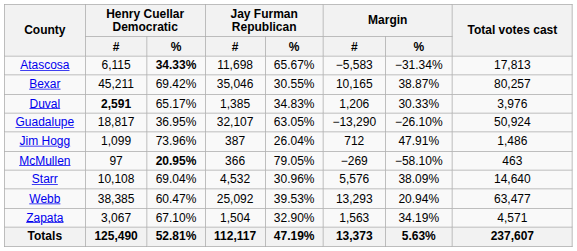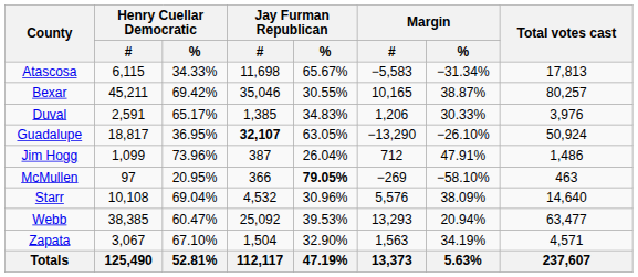 <table width="60%"  class="wikitable sortable" style="text-align:center">
 <tr>
 <th rowspan="2">County</th>
 <th style="text-align:center;" colspan="2">Henry Cuellar<br>Democratic</th>
 <th style="text-align:center;" colspan="2">Jay Furman<br>Republican</th>
 <th style="text-align:center;" colspan="2">Margin</th>
 <th rowspan="2" style="text-align:center;">Total votes cast</th>
 </tr>
 <tr>
 <th style="text-align:center;" data-sort-type="number">#</th>
 <th style="text-align:center;" data-sort-type="number">%</th>
 <th style="text-align:center;" data-sort-type="number">#</th>
 <th style="text-align:center;" data-sort-type="number">%</th>
 <th style="text-align:center;" data-sort-type="number">#</th>
 <th style="text-align:center;" data-sort-type="number">%</th>
 </tr>
 <tr style="text-align:center;">
 <td style="background-color:"><a href='#'>Atascosa</a></td>
 <td style="color:black;background-color:">6,115</td>
-<td style="color:black;background-color:"><strong>34.33%</strong></td>
+<td style="color:black;background-color:">34.33%</td>
 <td style="background-color:">11,698</td>
 <td style="background-color:">65.67%</td>
 <td style="background-color:">−5,583</td>
 <td style="background-color:">−31.34%</td>
 <td style="background-color:">17,813</td>
 </tr>
 <tr style="text-align:center;">
 <td style="color:black;background-color:"><a href='#'>Bexar</a></td>
 <td style="color:black;background-color:">45,211</td>
 <td style="color:black;background-color:">69.42%</td>
 <td style="background-color:">35,046</td>
 <td style="background-color:">30.55%</td>
 <td style="color:black;background-color:">10,165</td>
 <td style="color:black;background-color:">38.87%</td>
 <td style="color:black;background-color:">80,257</td>
 </tr>
 <tr style="text-align:center;">
 <td style="color:black;background-color:"><a href='#'>Duval</a></td>
-<td style="color:black;background-color:"><strong>2,591</strong></td>
+<td style="color:black;background-color:">2,591</td>
 <td style="color:black;background-color:">65.17%</td>
 <td style="background-color:">1,385</td>
 <td style="background-color:">34.83%</td>
 <td style="color:black;background-color:">1,206</td>
 <td style="color:black;background-color:">30.33%</td>
 <td style="color:black;background-color:">3,976</td>
 </tr>
 <tr style="text-align:center;">
 <td style="background-color:"><a href='#'>Guadalupe</a></td>
 <td style="color:black;background-color:">18,817</td>
 <td style="color:black;background-color:">36.95%</td>
-<td style="background-color:">32,107</td>
+<td style="background-color:"><strong>32,107</strong></td>
 <td style="background-color:">63.05%</td>
 <td style="background-color:">−13,290</td>
 <td style="background-color:">−26.10%</td>
 <td style="background-color:">50,924</td>
 </tr>
 <tr style="text-align:center;">
 <td style="color:black;background-color:"><a href='#'>Jim Hogg</a></td>
 <td style="color:black;background-color:">1,099</td>
 <td style="color:black;background-color:">73.96%</td>
 <td style="background-color:">387</td>
 <td style="background-color:">26.04%</td>
 <td style="color:black;background-color:">712</td>
 <td style="color:black;background-color:">47.91%</td>
 <td style="color:black;background-color:">1,486</td>
 </tr>
 <tr style="text-align:center;">
 <td style="background-color:"><a href='#'>McMullen</a></td>
 <td style="color:black;background-color:">97</td>
-<td style="color:black;background-color:"><strong>20.95%</strong></td>
+<td style="color:black;background-color:">20.95%</td>
 <td style="background-color:">366</td>
-<td style="background-color:">79.05%</td>
+<td style="background-color:"><strong>79.05%</strong></td>
 <td style="background-color:">−269</td>
 <td style="background-color:">−58.10%</td>
 <td style="background-color:">463</td>
 </tr>
 <tr style="text-align:center;">
 <td style="color:black;background-color:"><a href='#'>Starr</a></td>
 <td style="color:black;background-color:">10,108</td>
 <td style="color:black;background-color:">69.04%</td>
 <td style="background-color:">4,532</td>
 <td style="background-color:">30.96%</td>
 <td style="color:black;background-color:">5,576</td>
 <td style="color:black;background-color:">38.09%</td>
 <td style="color:black;background-color:">14,640</td>
 </tr>
 <tr style="text-align:center;">
 <td style="color:black;background-color:"><a href='#'>Webb</a></td>
 <td style="color:black;background-color:">38,385</td>
 <td style="color:black;background-color:">60.47%</td>
 <td style="background-color:">25,092</td>
 <td style="background-color:">39.53%</td>
 <td style="color:black;background-color:">13,293</td>
 <td style="color:black;background-color:">20.94%</td>
 <td style="color:black;background-color:">63,477</td>
 </tr>
 <tr style="text-align:center;">
 <td style="color:black;background-color:"><a href='#'>Zapata</a></td>
 <td style="color:black;background-color:">3,067</td>
 <td style="color:black;background-color:">67.10%</td>
 <td style="background-color:">1,504</td>
 <td style="background-color:">32.90%</td>
 <td style="color:black;background-color:">1,563</td>
 <td style="color:black;background-color:">34.19%</td>
 <td style="color:black;background-color:">4,571</td>
 </tr>
 <tr style="text-align:center;">
 <th>Totals</th>
 <th>125,490</th>
 <th>52.81%</th>
 <th>112,117</th>
 <th>47.19%</th>
 <th>13,373</th>
 <th>5.63%</th>
 <th>237,607</th>
 </tr>
 </table>
